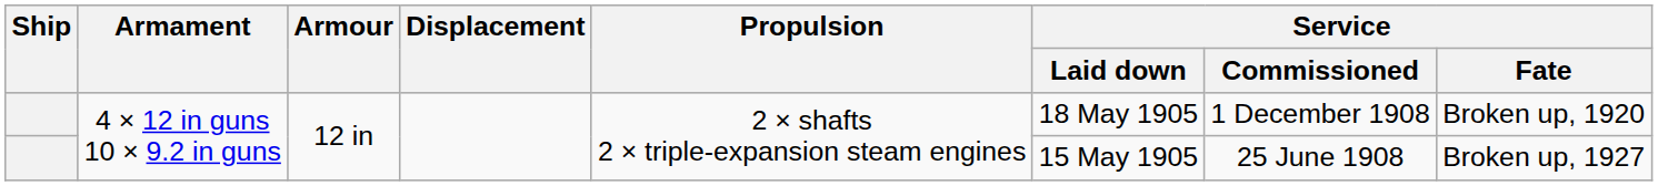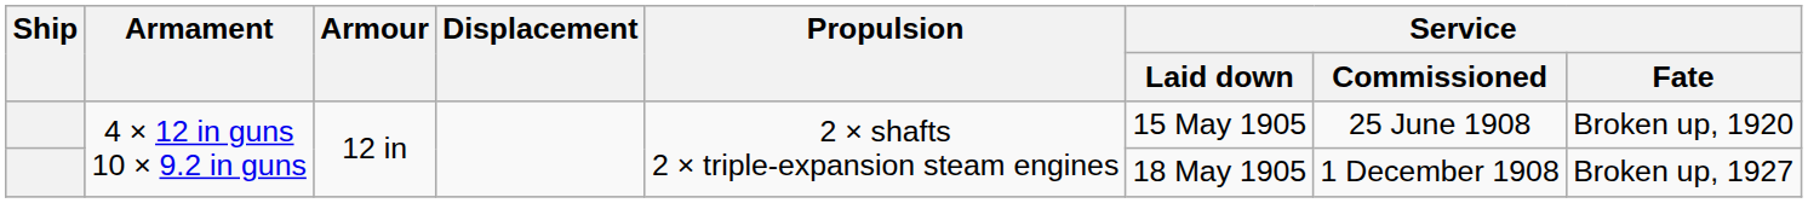 <table class="wikitable plainrowheaders" style="text-align: center;">
 <tr valign="top">
 <th scope="col" rowspan="2">Ship</th>
 <th scope="col" rowspan="2">Armament</th>
 <th scope="col" rowspan="2">Armour</th>
 <th scope="col" rowspan="2">Displacement</th>
 <th scope="col" rowspan="2">Propulsion</th>
 <th scope="col" colspan="3">Service</th>
 </tr>
 <tr valign="top">
 <th scope="col">Laid down</th>
 <th scope="col">Commissioned</th>
 <th scope="col">Fate</th>
 </tr>
 <tr valign="center">
 <th scope="row"></th>
 <td rowspan="2">4 × <a href='#'>12 in guns</a><br>10 × <a href='#'>9.2 in guns</a></td>
 <td rowspan="2">12 in</td>
 <td rowspan="2"></td>
 <td rowspan="2">2 × shafts<br>2 × triple-expansion steam engines<br></td>
-<td>18 May 1905</td>
-<td>1 December 1908</td>
+<td>15 May 1905</td>
+<td>25 June 1908</td>
 <td>Broken up, 1920</td>
 </tr>
 <tr valign="top">
 <th scope="row"></th>
-<td>15 May 1905</td>
-<td>25 June 1908</td>
+<td>18 May 1905</td>
+<td>1 December 1908</td>
 <td>Broken up, 1927</td>
 </tr>
 </table>
